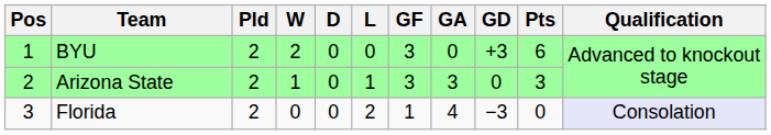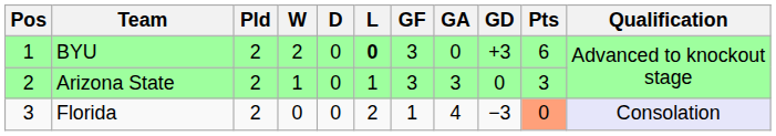 <table class="wikitable" style="text-align:center; margin: 1em auto">
 <tr>
 <th style="width:2em">Pos</th>
 <th style="width:13em">Team</th>
 <th style="width:2em">Pld</th>
 <th style="width:2em">W</th>
 <th style="width:2em">D</th>
 <th style="width:2em">L</th>
 <th style="width:2em">GF</th>
 <th style="width:2em">GA</th>
 <th style="width:2em">GD</th>
 <th style="width:2em">Pts</th>
 <th style="width:13em">Qualification</th>
 </tr>
 <tr bgcolor="#9eff9e">
 <td>1</td>
 <td style="text-align:left">BYU</td>
 <td>2</td>
 <td>2</td>
 <td>0</td>
-<td>0</td>
+<td><strong>0</strong></td>
 <td>3</td>
 <td>0</td>
 <td>+3</td>
 <td>6</td>
 <td rowspan="2">Advanced to knockout stage</td>
 </tr>
 <tr bgcolor="#9eff9e">
 <td>2</td>
 <td style="text-align:left">Arizona State</td>
 <td>2</td>
 <td>1</td>
 <td>0</td>
 <td>1</td>
 <td>3</td>
 <td>3</td>
 <td>0</td>
 <td>3</td>
 </tr>
 <tr>
 <td>3</td>
 <td style="text-align:left">Florida</td>
 <td>2</td>
 <td>0</td>
 <td>0</td>
 <td>2</td>
 <td>1</td>
 <td>4</td>
 <td>−3</td>
-<td>0</td>
+<td style="background: lightsalmon;">0</td>
 <td style="background: lavender;">Consolation</td>
 </tr>
 </table>
